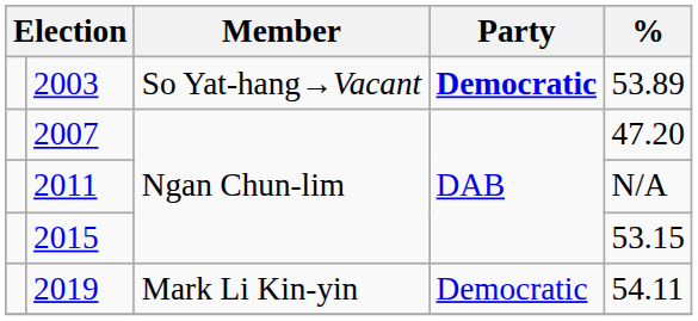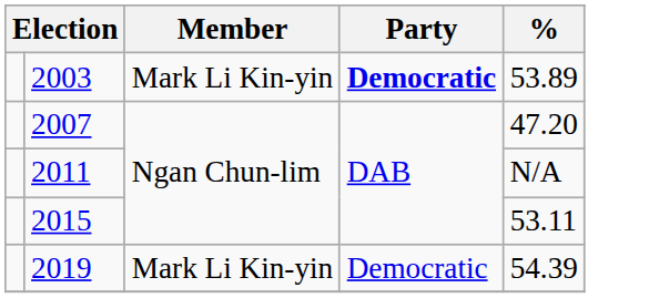 <table class="wikitable">
 <tr>
 <th colspan="2">Election</th>
 <th>Member</th>
 <th>Party</th>
 <th>%</th>
 </tr>
 <tr>
 <td style="background-color: "></td>
 <td><a href='#'>2003</a></td>
-<td>So Yat-hang→<em>Vacant</em></td>
+<td>Mark Li Kin-yin</td>
 <td><strong><a href='#'>Democratic</a></strong></td>
 <td>53.89</td>
 </tr>
 <tr>
 <td style="background-color: "></td>
 <td><a href='#'>2007</a></td>
 <td rowspan=3>Ngan Chun-lim</td>
 <td rowspan=3><a href='#'>DAB</a></td>
 <td>47.20</td>
 </tr>
 <tr>
 <td style="background-color: "></td>
 <td><a href='#'>2011</a></td>
 <td>N/A</td>
 </tr>
 <tr>
 <td style="background-color: "></td>
 <td><a href='#'>2015</a></td>
-<td>53.15</td>
+<td>53.11</td>
 </tr>
 <tr>
 <td style="background-color: "></td>
 <td><a href='#'>2019</a></td>
 <td>Mark Li Kin-yin</td>
 <td><a href='#'>Democratic</a></td>
-<td>54.11</td>
+<td>54.39</td>
 </tr>
 <tr>
 </tr>
 </table>
